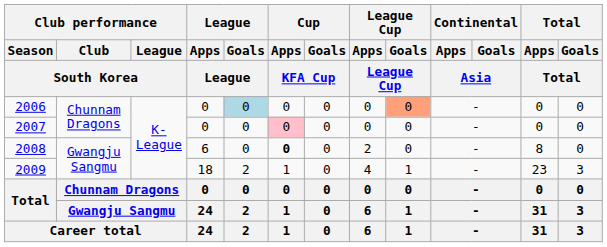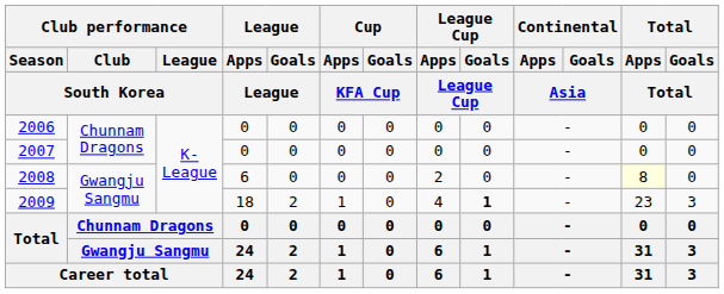 <table class="wikitable" style="text-align:center">
 <tr>
 <th colspan=3>Club performance</th>
 <th colspan=2>League</th>
 <th colspan=2>Cup</th>
 <th colspan=2>League Cup</th>
 <th colspan=2>Continental</th>
 <th colspan=2>Total</th>
 </tr>
 <tr>
 <th>Season</th>
 <th>Club</th>
 <th>League</th>
 <th>Apps</th>
 <th>Goals</th>
 <th>Apps</th>
 <th>Goals</th>
 <th>Apps</th>
 <th>Goals</th>
 <th>Apps</th>
 <th>Goals</th>
 <th>Apps</th>
 <th>Goals</th>
 </tr>
 <tr>
 <th colspan=3>South Korea</th>
 <th colspan=2>League</th>
 <th colspan=2><a href='#'>KFA Cup</a></th>
 <th colspan=2><a href='#'>League Cup</a></th>
 <th colspan=2><a href='#'>Asia</a></th>
 <th colspan=2>Total</th>
 </tr>
 <tr>
 <td><a href='#'>2006</a></td>
 <td rowspan="2"><a href='#'>Chunnam Dragons</a></td>
 <td rowspan="4"><a href='#'>K-League</a></td>
 <td>0</td>
-<td style="background: lightblue;">0</td>
 <td>0</td>
 <td>0</td>
 <td>0</td>
-<td style="background: lightsalmon;">0</td>
+<td>0</td>
+<td>0</td>
 <td colspan="2">-</td>
 <td>0</td>
 <td>0</td>
 </tr>
 <tr>
 <td><a href='#'>2007</a></td>
 <td>0</td>
 <td>0</td>
-<td style="background: pink;">0</td>
+<td>0</td>
 <td>0</td>
 <td>0</td>
 <td>0</td>
 <td colspan="2">-</td>
 <td>0</td>
 <td>0</td>
 </tr>
 <tr>
 <td><a href='#'>2008</a></td>
 <td rowspan="2"><a href='#'>Gwangju Sangmu</a></td>
 <td>6</td>
 <td>0</td>
-<td><strong>0</strong></td>
+<td>0</td>
 <td>0</td>
 <td>2</td>
 <td>0</td>
 <td colspan="2">-</td>
-<td>8</td>
+<td style="background: lightyellow;">8</td>
 <td>0</td>
 </tr>
 <tr>
 <td><a href='#'>2009</a></td>
 <td>18</td>
 <td>2</td>
 <td>1</td>
 <td>0</td>
 <td>4</td>
-<td>1</td>
+<td><strong>1</strong></td>
 <td colspan="2">-</td>
 <td>23</td>
 <td>3</td>
 </tr>
 <tr>
 <th rowspan=2>Total</th>
 <th colspan=2><a href='#'>Chunnam Dragons</a></th>
 <th>0</th>
 <th>0</th>
 <th>0</th>
 <th>0</th>
 <th>0</th>
 <th>0</th>
 <th colspan="2">-</th>
 <th>0</th>
 <th>0</th>
 </tr>
 <tr>
 <th colspan=2><a href='#'>Gwangju Sangmu</a></th>
 <th>24</th>
 <th>2</th>
 <th>1</th>
 <th>0</th>
 <th>6</th>
 <th>1</th>
 <th colspan="2">-</th>
 <th>31</th>
 <th>3</th>
 </tr>
 <tr>
 <th colspan=3>Career total</th>
 <th>24</th>
 <th>2</th>
 <th>1</th>
 <th>0</th>
 <th>6</th>
 <th>1</th>
 <th colspan="2">-</th>
 <th>31</th>
 <th>3</th>
 </tr>
 </table>
